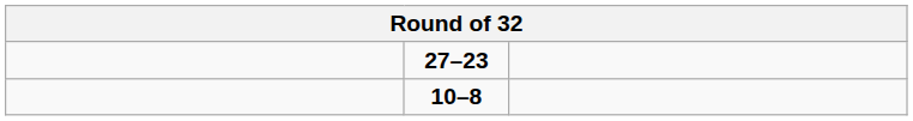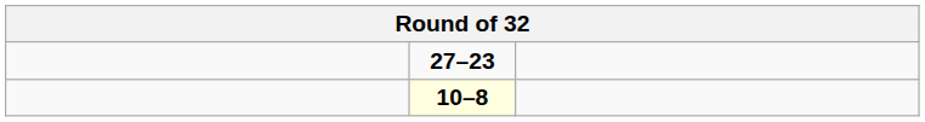 <table class="wikitable" style="text-align: center;">
 <tr>
 <th colspan=3>Round of 32</th>
 </tr>
 <tr>
 <td align=left width="270"><strong></strong></td>
 <td align=center width="65"><strong>27–23</strong></td>
 <td align=left width="270"></td>
 </tr>
 <tr>
 <td align=left><strong></strong></td>
-<td align=center><strong>10–8</strong></td>
+<td align=center style="background: lightyellow;"><strong>10–8</strong></td>
 <td align=left></td>
 </tr>
 </table>
